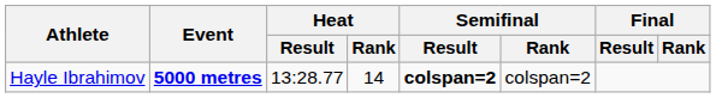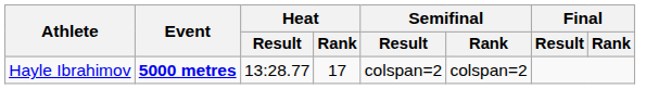 <table class="wikitable" style="font-size:90%">
 <tr>
 <th rowspan="2">Athlete</th>
 <th rowspan="2">Event</th>
 <th colspan="2">Heat</th>
 <th colspan="2">Semifinal</th>
 <th colspan="2">Final</th>
 </tr>
 <tr style="font-size:95%">
 <th>Result</th>
 <th>Rank</th>
 <th>Result</th>
 <th>Rank</th>
 <th>Result</th>
 <th>Rank</th>
 </tr>
 <tr style=text-align:center>
 <td style=text-align:left><a href='#'>Hayle Ibrahimov</a></td>
 <td style=text-align:left><strong><a href='#'>5000 metres</a></strong></td>
 <td>13:28.77</td>
-<td>14</td>
-<td><strong>colspan=2 </strong></td>
+<td>17</td>
+<td>colspan=2 </td>
 <td>colspan=2 </td>
 </tr>
 </table>
